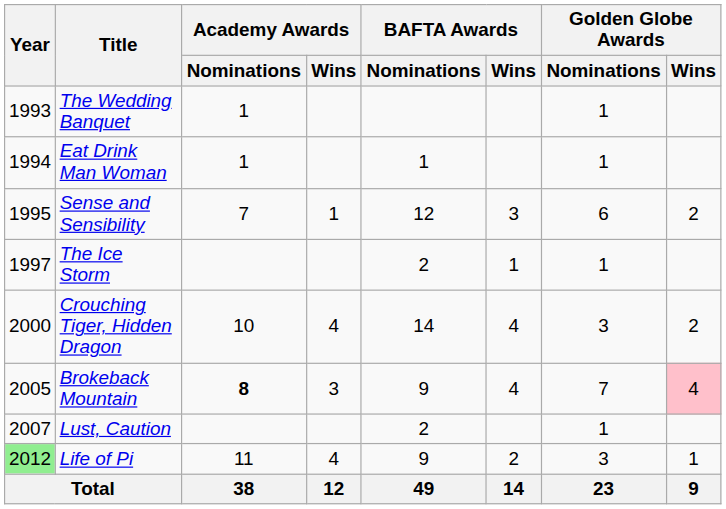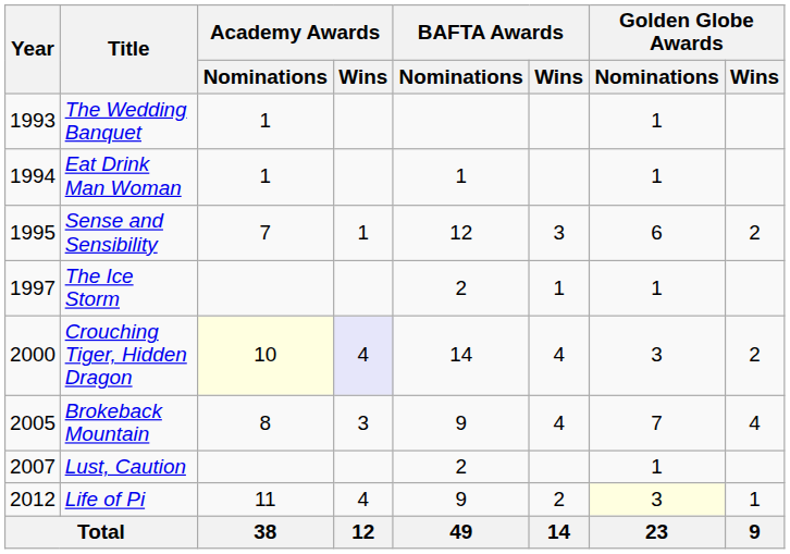 <table class="wikitable">
 <tr>
 <th rowspan="2">Year</th>
 <th rowspan="2">Title</th>
 <th colspan="2" style="text-align:center;" width=160>Academy Awards</th>
 <th colspan="2" style="text-align:center;" width=160>BAFTA Awards</th>
 <th colspan="2" style="text-align:center;" width=160>Golden Globe Awards</th>
 </tr>
 <tr>
 <th>Nominations</th>
 <th>Wins</th>
 <th>Nominations</th>
 <th>Wins</th>
 <th>Nominations</th>
 <th>Wins</th>
 </tr>
 <tr>
 <td>1993</td>
 <td style="text-align:left"><em><a href='#'>The Wedding Banquet</a></em></td>
 <td align=center>1</td>
 <td></td>
 <td></td>
 <td></td>
 <td align=center>1</td>
 <td></td>
 </tr>
 <tr>
 <td>1994</td>
 <td style="text-align:left"><em><a href='#'>Eat Drink Man Woman</a></em></td>
 <td align=center>1</td>
 <td></td>
 <td align=center>1</td>
 <td></td>
 <td align=center>1</td>
 <td></td>
 </tr>
 <tr>
 <td>1995</td>
 <td style="text-align:left"><em><a href='#'>Sense and Sensibility</a></em></td>
 <td align=center>7</td>
 <td align=center>1</td>
 <td align=center>12</td>
 <td align=center>3</td>
 <td align=center>6</td>
 <td align=center>2</td>
 </tr>
 <tr>
 <td>1997</td>
 <td style="text-align:left"><em><a href='#'>The Ice Storm</a></em></td>
 <td></td>
 <td></td>
 <td align=center>2</td>
 <td align=center>1</td>
 <td align=center>1</td>
 <td></td>
 </tr>
 <tr>
 <td>2000</td>
 <td style="text-align:left"><em><a href='#'>Crouching Tiger, Hidden Dragon</a></em></td>
-<td align=center>10</td>
-<td align=center>4</td>
+<td align=center style="background: lightyellow;">10</td>
+<td align=center style="background: lavender;">4</td>
 <td align=center>14</td>
 <td align=center>4</td>
 <td align=center>3</td>
 <td align=center>2</td>
 </tr>
 <tr>
 <td>2005</td>
 <td style="text-align:left"><em><a href='#'>Brokeback Mountain</a></em></td>
-<td align=center><strong>8</strong></td>
+<td align=center>8</td>
 <td align=center>3</td>
 <td align=center>9</td>
 <td align=center>4</td>
 <td align=center>7</td>
-<td align=center style="background: pink;">4</td>
+<td align=center>4</td>
 </tr>
 <tr>
 <td>2007</td>
 <td style="text-align:left"><em><a href='#'>Lust, Caution</a></em></td>
 <td></td>
 <td></td>
 <td align=center>2</td>
 <td></td>
 <td align=center>1</td>
 <td></td>
 </tr>
 <tr>
-<td style="background: lightgreen;">2012</td>
+<td>2012</td>
 <td style="text-align:left"><em><a href='#'>Life of Pi</a></em></td>
 <td align=center>11</td>
 <td align=center>4</td>
 <td align=center>9</td>
 <td align=center>2</td>
-<td align=center>3</td>
+<td align=center style="background: lightyellow;">3</td>
 <td align=center>1</td>
 </tr>
 <tr>
 <th colspan="2">Total</th>
 <th align=center>38</th>
 <th align=center>12</th>
 <th align=center>49</th>
 <th align=center>14</th>
 <th align=center>23</th>
 <th align=center>9</th>
 </tr>
 </table>
